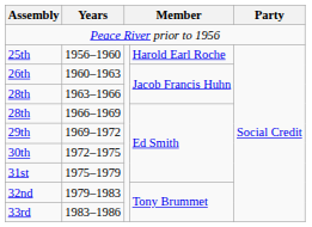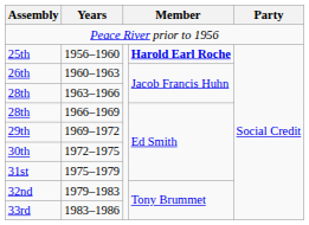 <table class="wikitable">
 <tr>
 <th>Assembly</th>
 <th>Years</th>
 <th colspan="2">Member</th>
 <th>Party</th>
 </tr>
 <tr>
 <td style="text-align: center;" colspan="5"><em><a href='#'>Peace River</a> prior to 1956</em></td>
 </tr>
 <tr>
 <td><a href='#'>25th</a></td>
 <td>1956–1960</td>
 <td rowspan="9" ></td>
-<td><a href='#'>Harold Earl Roche</a></td>
+<td><strong><a href='#'>Harold Earl Roche</a></strong></td>
 <td rowspan="9"><a href='#'>Social Credit</a></td>
 </tr>
 <tr>
 <td><a href='#'>26th</a></td>
 <td>1960–1963</td>
 <td rowspan=2><a href='#'>Jacob Francis Huhn</a></td>
 </tr>
 <tr>
 <td><a href='#'>28th</a></td>
 <td>1963–1966</td>
 </tr>
 <tr>
 <td><a href='#'>28th</a></td>
 <td>1966–1969</td>
 <td rowspan=4><a href='#'>Ed Smith</a></td>
 </tr>
 <tr>
 <td><a href='#'>29th</a></td>
 <td>1969–1972</td>
 </tr>
 <tr>
 <td><a href='#'>30th</a></td>
 <td>1972–1975</td>
 </tr>
 <tr>
 <td><a href='#'>31st</a></td>
 <td>1975–1979</td>
 </tr>
 <tr>
 <td><a href='#'>32nd</a></td>
 <td>1979–1983</td>
 <td rowspan="2"><a href='#'>Tony Brummet</a></td>
 </tr>
 <tr>
 <td><a href='#'>33rd</a></td>
 <td>1983–1986</td>
 </tr>
 </table>
